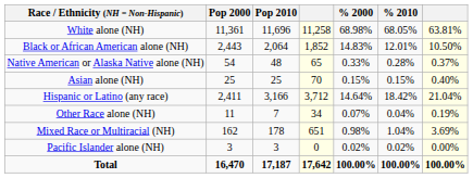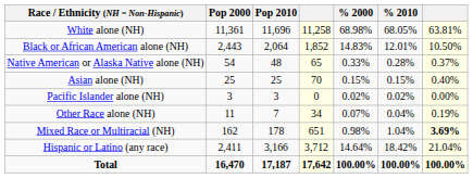 <table class="wikitable" style="text-align:center;">
 <tr>
 <th>Race / Ethnicity <small>(<em>NH = Non-Hispanic</em>)</small></th>
 <th>Pop 2000</th>
 <th>Pop 2010</th>
 <th></th>
 <th>% 2000</th>
 <th>% 2010</th>
 <th></th>
 </tr>
 <tr>
 <td><a href='#'>White</a> alone (NH)</td>
 <td>11,361</td>
 <td>11,696</td>
 <td style='background: #ffffe6;'>11,258</td>
 <td>68.98%</td>
 <td>68.05%</td>
 <td style='background: #ffffe6;'>63.81%</td>
 </tr>
 <tr>
 <td><a href='#'>Black or African American</a> alone (NH)</td>
 <td>2,443</td>
 <td>2,064</td>
 <td style='background: #ffffe6;'>1,852</td>
 <td>14.83%</td>
 <td>12.01%</td>
 <td style='background: #ffffe6;'>10.50%</td>
 </tr>
 <tr>
 <td><a href='#'>Native American</a> or <a href='#'>Alaska Native</a> alone (NH)</td>
 <td>54</td>
 <td>48</td>
 <td style='background: #ffffe6;'>65</td>
 <td>0.33%</td>
 <td>0.28%</td>
 <td style='background: #ffffe6;'>0.37%</td>
 </tr>
 <tr>
 <td><a href='#'>Asian</a> alone (NH)</td>
 <td>25</td>
 <td>25</td>
 <td style='background: #ffffe6;'>70</td>
 <td>0.15%</td>
 <td>0.15%</td>
 <td style='background: #ffffe6;'>0.40%</td>
 </tr>
 <tr>
-<td><a href='#'>Hispanic or Latino</a> (any race)</td>
-<td>2,411</td>
-<td>3,166</td>
-<td style='background: #ffffe6;'>3,712</td>
-<td>14.64%</td>
-<td>18.42%</td>
-<td style='background: #ffffe6;'>21.04%</td>
+<td><a href='#'>Pacific Islander</a> alone (NH)</td>
+<td>3</td>
+<td>3</td>
+<td style='background: #ffffe6;'>0</td>
+<td>0.02%</td>
+<td>0.02%</td>
+<td style='background: #ffffe6;'>0.00%</td>
 </tr>
 <tr>
 <td><a href='#'>Other Race</a> alone (NH)</td>
 <td>11</td>
 <td>7</td>
 <td style='background: #ffffe6;'>34</td>
 <td>0.07%</td>
 <td>0.04%</td>
 <td style='background: #ffffe6;'>0.19%</td>
 </tr>
 <tr>
 <td><a href='#'>Mixed Race or Multiracial</a> (NH)</td>
 <td>162</td>
 <td>178</td>
 <td style='background: #ffffe6;'>651</td>
 <td>0.98%</td>
 <td>1.04%</td>
-<td style='background: #ffffe6;'>3.69%</td>
+<td style='background: #ffffe6;'><strong>3.69%</strong></td>
 </tr>
 <tr>
-<td><a href='#'>Pacific Islander</a> alone (NH)</td>
-<td>3</td>
-<td>3</td>
-<td style='background: #ffffe6;'>0</td>
-<td>0.02%</td>
-<td>0.02%</td>
-<td style='background: #ffffe6;'>0.00%</td>
+<td><a href='#'>Hispanic or Latino</a> (any race)</td>
+<td>2,411</td>
+<td>3,166</td>
+<td style='background: #ffffe6;'>3,712</td>
+<td>14.64%</td>
+<td>18.42%</td>
+<td style='background: #ffffe6;'>21.04%</td>
 </tr>
 <tr>
 <td><strong>Total</strong></td>
 <td><strong>16,470</strong></td>
 <td><strong>17,187</strong></td>
 <td style='background: #ffffe6;'><strong>17,642</strong></td>
 <td><strong>100.00%</strong></td>
 <td><strong>100.00%</strong></td>
 <td style='background: #ffffe6;'><strong>100.00%</strong></td>
 </tr>
 </table>
